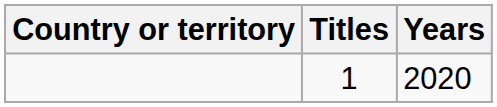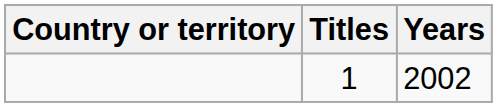 <table class="wikitable" style="font-size:95%;">
 <tr>
 <th>Country or territory</th>
 <th>Titles</th>
 <th>Years</th>
 </tr>
 <tr>
 <td></td>
 <td rowspan="2" style="text-align:center;">1</td>
-<td>2020</td>
+<td>2002</td>
 </tr>
 </table>
